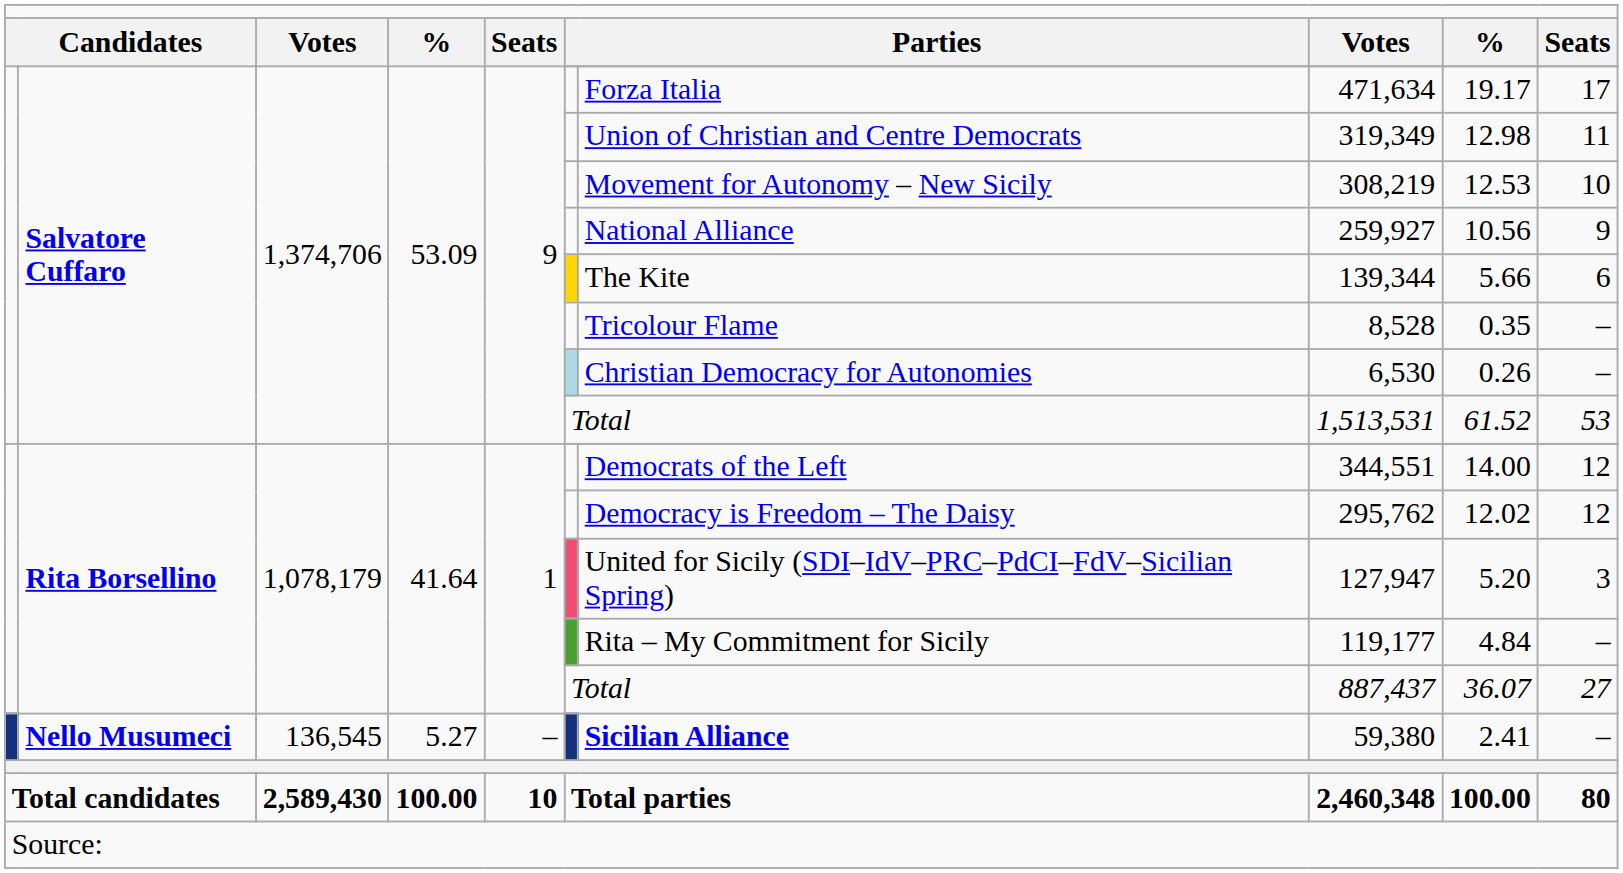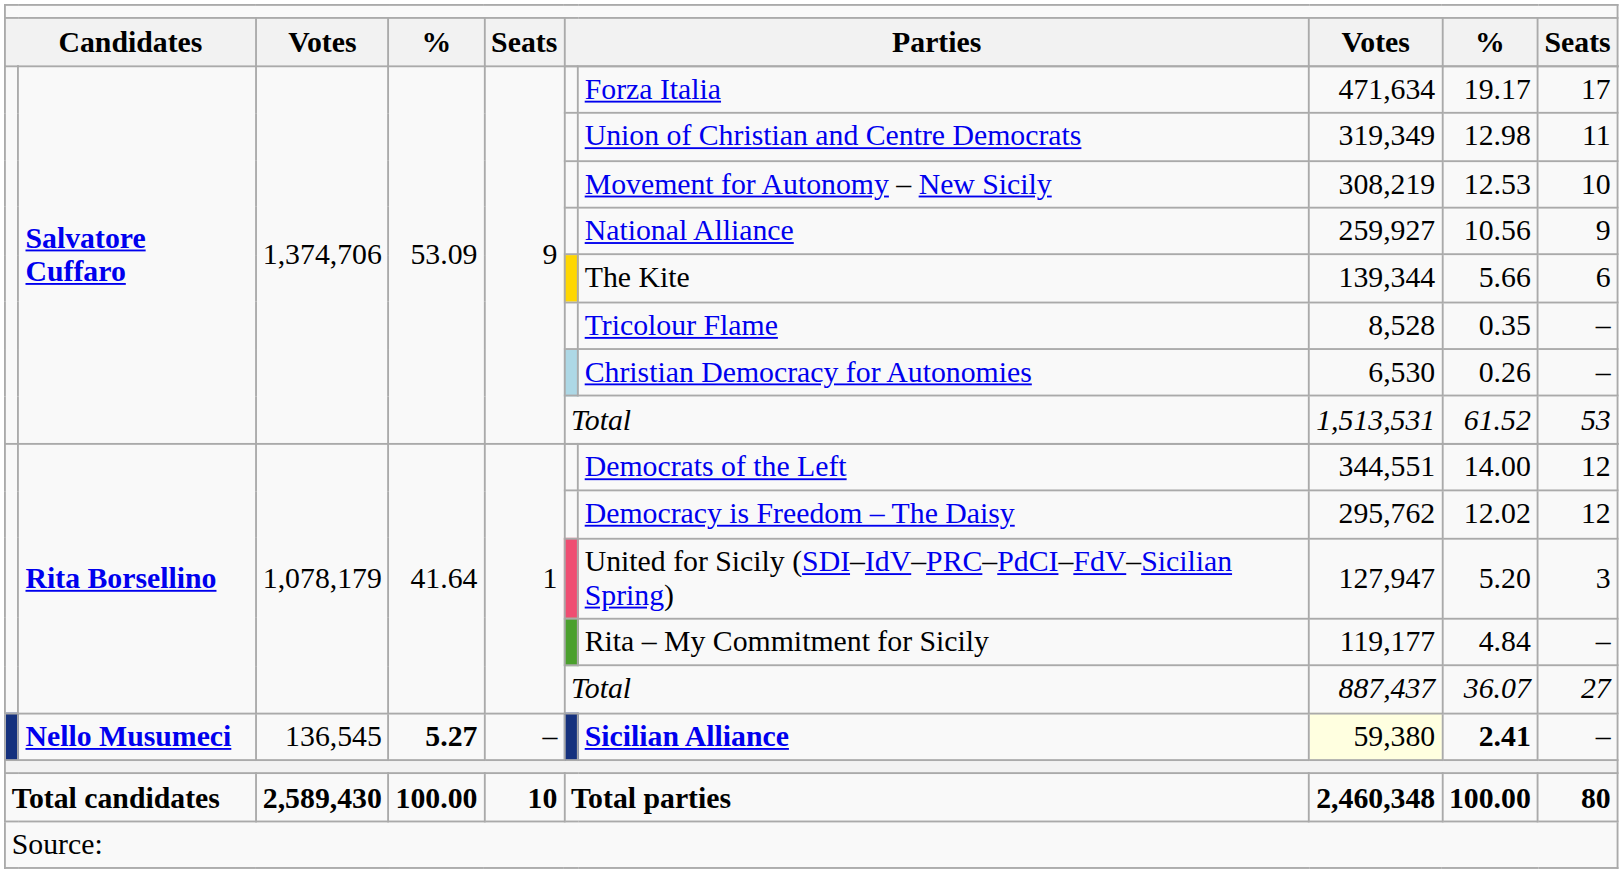 <table class="wikitable">
 <tr>
 <td colspan=10></td>
 </tr>
 <tr>
 <th colspan=2>Candidates</th>
 <th>Votes</th>
 <th>%</th>
 <th>Seats</th>
 <th colspan=2>Parties</th>
 <th>Votes</th>
 <th>%</th>
 <th>Seats</th>
 </tr>
 <tr>
 <td rowspan=9></td>
 <td rowspan=9><strong><a href='#'>Salvatore Cuffaro</a></strong></td>
 <td rowspan=9 align=right>1,374,706</td>
 <td rowspan=9 align=right>53.09</td>
 <td rowspan=9 align=right>9</td>
 </tr>
 <tr>
 <td></td>
 <td><a href='#'>Forza Italia</a></td>
 <td align=right>471,634</td>
 <td align=right>19.17</td>
 <td align=right>17</td>
 </tr>
 <tr>
 <td></td>
 <td><a href='#'>Union of Christian and Centre Democrats</a></td>
 <td align=right>319,349</td>
 <td align=right>12.98</td>
 <td align=right>11</td>
 </tr>
 <tr>
 <td></td>
 <td><a href='#'>Movement for Autonomy</a> – <a href='#'>New Sicily</a></td>
 <td align=right>308,219</td>
 <td align=right>12.53</td>
 <td align=right>10</td>
 </tr>
 <tr>
 <td></td>
 <td><a href='#'>National Alliance</a></td>
 <td align=right>259,927</td>
 <td align=right>10.56</td>
 <td align=right>9</td>
 </tr>
 <tr>
 <td bgcolor="gold"></td>
 <td>The Kite</td>
 <td align=right>139,344</td>
 <td align=right>5.66</td>
 <td align=right>6</td>
 </tr>
 <tr>
 <td></td>
 <td><a href='#'>Tricolour Flame</a></td>
 <td align=right>8,528</td>
 <td align=right>0.35</td>
 <td align=right>–</td>
 </tr>
 <tr>
 <td bgcolor="lightblue"></td>
 <td><a href='#'>Christian Democracy for Autonomies</a></td>
 <td align=right>6,530</td>
 <td align=right>0.26</td>
 <td align=right>–</td>
 </tr>
 <tr>
 <td colspan=2><em>Total</em></td>
 <td align=right><em>1,513,531</em></td>
 <td align=right><em>61.52</em></td>
 <td align=right><em>53</em></td>
 </tr>
 <tr>
 <td rowspan=6></td>
 <td rowspan=6><strong><a href='#'>Rita Borsellino</a></strong></td>
 <td rowspan=6 align=right>1,078,179</td>
 <td rowspan=6 align=right>41.64</td>
 <td rowspan=6 align=right>1</td>
 </tr>
 <tr>
 <td></td>
 <td><a href='#'>Democrats of the Left</a></td>
 <td align=right>344,551</td>
 <td align=right>14.00</td>
 <td align=right>12</td>
 </tr>
 <tr>
 <td></td>
 <td><a href='#'>Democracy is Freedom – The Daisy</a></td>
 <td align=right>295,762</td>
 <td align=right>12.02</td>
 <td align=right>12</td>
 </tr>
 <tr>
 <td bgcolor="#EF4D72"></td>
 <td>United for Sicily (<a href='#'>SDI</a>–<a href='#'>IdV</a>–<a href='#'>PRC</a>–<a href='#'>PdCI</a>–<a href='#'>FdV</a>–<a href='#'>Sicilian Spring</a>)</td>
 <td align=right>127,947</td>
 <td align=right>5.20</td>
 <td align=right>3</td>
 </tr>
 <tr>
 <td bgcolor="#4AA02C"></td>
 <td>Rita – My Commitment for Sicily</td>
 <td align=right>119,177</td>
 <td align=right>4.84</td>
 <td align=right>–</td>
 </tr>
 <tr>
 <td colspan=2><em>Total</em></td>
 <td align=right><em>887,437</em></td>
 <td align=right><em>36.07</em></td>
 <td align=right><em>27</em></td>
 </tr>
 <tr>
 <td bgcolor="#15317E"></td>
 <td><strong><a href='#'>Nello Musumeci</a></strong></td>
 <td align=right>136,545</td>
-<td align=right>5.27</td>
+<td align=right><strong>5.27</strong></td>
 <td align=right>–</td>
 <td bgcolor="#15317E"></td>
 <td><strong><a href='#'>Sicilian Alliance</a></strong></td>
-<td align=right>59,380</td>
-<td align=right>2.41</td>
+<td align=right style="background: lightyellow;">59,380</td>
+<td align=right><strong>2.41</strong></td>
 <td align=right>–</td>
 </tr>
 <tr>
 <th colspan=10></th>
 </tr>
 <tr>
 <td colspan=2><strong>Total candidates</strong></td>
 <td align=right><strong>2,589,430</strong></td>
 <td align=right><strong>100.00</strong></td>
 <td align=right><strong>10</strong></td>
 <td colspan=2><strong>Total parties</strong></td>
 <td align=right><strong>2,460,348</strong></td>
 <td align=right><strong>100.00</strong></td>
 <td align=right><strong>80 </strong></td>
 </tr>
 <tr>
 <td colspan=10>Source: </td>
 </tr>
 </table>
